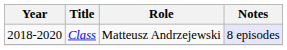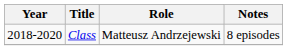 <table class="wikitable">
 <tr>
 <th>Year</th>
 <th>Title</th>
 <th>Role</th>
 <th>Notes</th>
 </tr>
 <tr>
 <td>2018-2020</td>
 <td><em><a href='#'>Class</a></em></td>
 <td>Matteusz Andrzejewski</td>
-<td style="background: lavender;">8 episodes</td>
+<td>8 episodes</td>
 </tr>
 <tr>
 </tr>
 </table>
